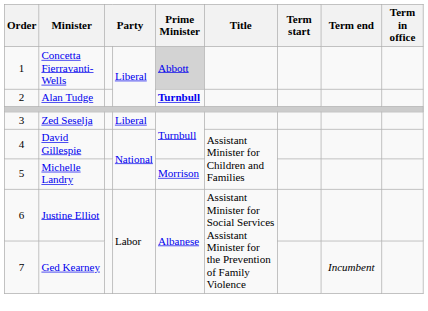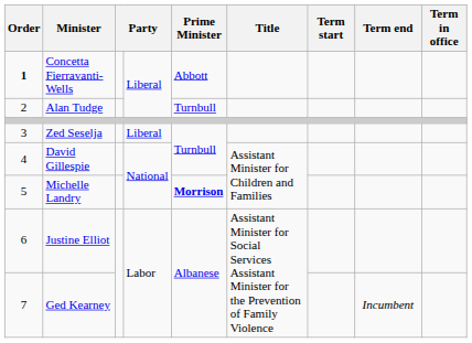 <table class="wikitable">
 <tr>
 <th width=5>Order</th>
 <th width=150>Minister</th>
 <th width=100 colspan="2">Party</th>
 <th width=75>Prime Minister</th>
 <th width=250>Title</th>
 <th width=150>Term start</th>
 <th width=150>Term end</th>
 <th width=130>Term in office</th>
 </tr>
 <tr>
-<td style="text-align:center">1</td>
+<td style="text-align:center"><strong>1</strong></td>
 <td><a href='#'>Concetta Fierravanti-Wells</a></td>
 <td> </td>
 <td rowspan=2><a href='#'>Liberal</a></td>
-<td style="background: lightgrey;"><a href='#'>Abbott</a></td>
+<td><a href='#'>Abbott</a></td>
 <td></td>
 <td style="text-align:center"></td>
 <td style="text-align:center"></td>
 <td style="text-align:right"></td>
 </tr>
 <tr>
 <td style="text-align:center">2</td>
 <td><a href='#'>Alan Tudge</a></td>
 <td> </td>
-<td><strong><a href='#'>Turnbull</a></strong></td>
+<td><a href='#'>Turnbull</a></td>
 <td></td>
 <td style="text-align:center"></td>
 <td style="text-align:center"></td>
 <td style="text-align:right"></td>
 </tr>
 <tr>
 <th colspan=9 style="background: #cccccc;"></th>
 </tr>
 <tr>
 <td style="text-align:center">3</td>
 <td><a href='#'>Zed Seselja</a></td>
 <td> </td>
 <td><a href='#'>Liberal</a></td>
 <td rowspan=2><a href='#'>Turnbull</a></td>
 <td></td>
 <td style="text-align:center"></td>
 <td style="text-align:center"></td>
 <td style="text-align:right"></td>
 </tr>
 <tr>
 <td style="text-align:center">4</td>
 <td><a href='#'>David Gillespie</a></td>
 <td> </td>
 <td rowspan=2><a href='#'>National</a></td>
 <td rowspan=2>Assistant Minister for Children and Families</td>
 <td style="text-align:center"></td>
 <td style="text-align:center"></td>
 <td style="text-align:right"></td>
 </tr>
 <tr>
 <td style="text-align:center">5</td>
 <td><a href='#'>Michelle Landry</a></td>
 <td> </td>
-<td><a href='#'>Morrison</a></td>
+<td><strong><a href='#'>Morrison</a></strong></td>
 <td style="text-align:center"></td>
 <td style="text-align:center"></td>
 <td style="text-align:right"><strong></strong></td>
 </tr>
 <tr>
 <td style="text-align:center">6</td>
 <td><a href='#'>Justine Elliot</a></td>
 <td rowspan=2 ></td>
 <td rowspan=2>Labor</td>
 <td rowspan=2><a href='#'>Albanese</a></td>
 <td rowspan=2>Assistant Minister for Social Services<br>Assistant Minister for the Prevention of Family Violence</td>
 <td style="text-align:center"></td>
 <td style="text-align:center"></td>
 <td style="text-align:right"></td>
 </tr>
 <tr>
 <td style="text-align:center">7</td>
 <td><a href='#'>Ged Kearney</a></td>
 <td style="text-align:center"></td>
 <td style="text-align:center"><em>Incumbent</em></td>
 <td style="text-align:right"></td>
 </tr>
 </table>
